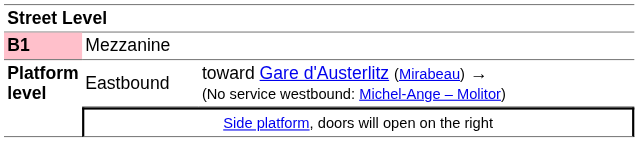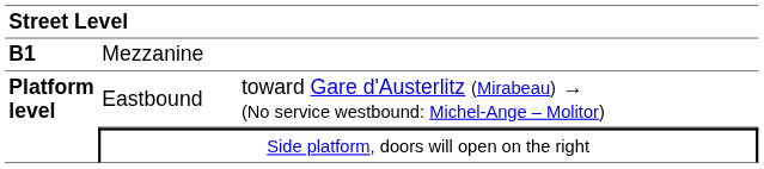 <table cellspacing="0" cellpadding="3" border="0">
 <tr>
 <td colspan="3" data-darkreader-inline-border-top="" data-darkreader-inline-border-bottom="" style="border-bottom:solid 1px gray;border-top:solid 1px gray;" width="50" valign="top"><strong>Street Level</strong></td>
 </tr>
 <tr>
-<td data-darkreader-inline-border-bottom="" style="background: pink; border-bottom:solid 1px gray;" width="50" valign="top"><strong>B1</strong></td>
+<td data-darkreader-inline-border-bottom="" style="border-bottom:solid 1px gray;" width="50" valign="top"><strong>B1</strong></td>
 <td colspan="2" data-darkreader-inline-border-bottom="" style="border-bottom:solid 1px gray;" width="100" valign="top">Mezzanine</td>
 </tr>
 <tr>
 <td rowspan="10" style="border-bottom:solid 1px gray;" width="50" valign="top"><strong>Platform level</strong></td>
 <td style="border-bottom:solid 1px gray;" width="100">Eastbound</td>
 <td style="border-bottom:solid 1px gray;" width="390">   toward <a href='#'>Gare d'Austerlitz</a> <small>(<a href='#'>Mirabeau</a>)</small> →<br><small>(No service westbound: <a href='#'>Michel-Ange – Molitor</a>)</small></td>
 </tr>
 <tr>
 <td colspan="2" style="border-top:solid 2px black;border-right:solid 2px black;border-left:solid 2px black;border-bottom:solid 1px gray;text-align:center;"><small><a href='#'>Side platform</a>, doors will open on the right</small></td>
 </tr>
 </table>
